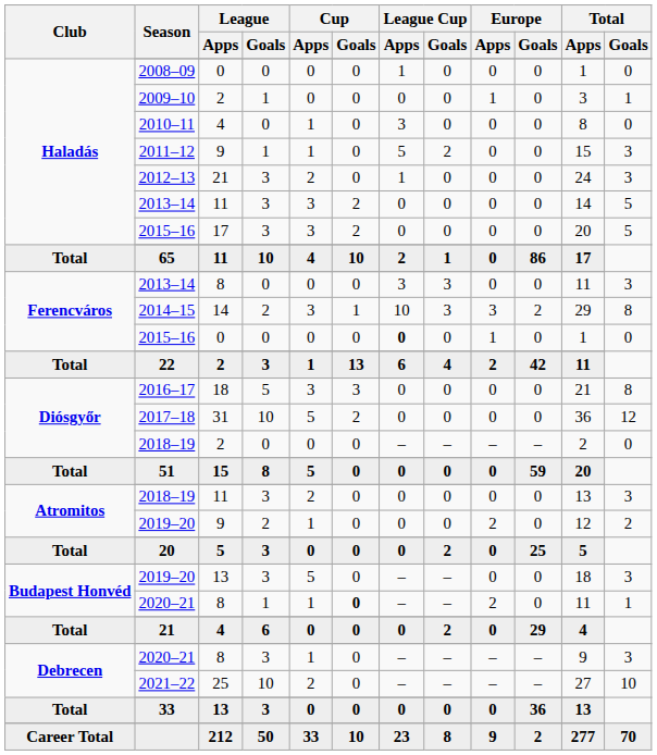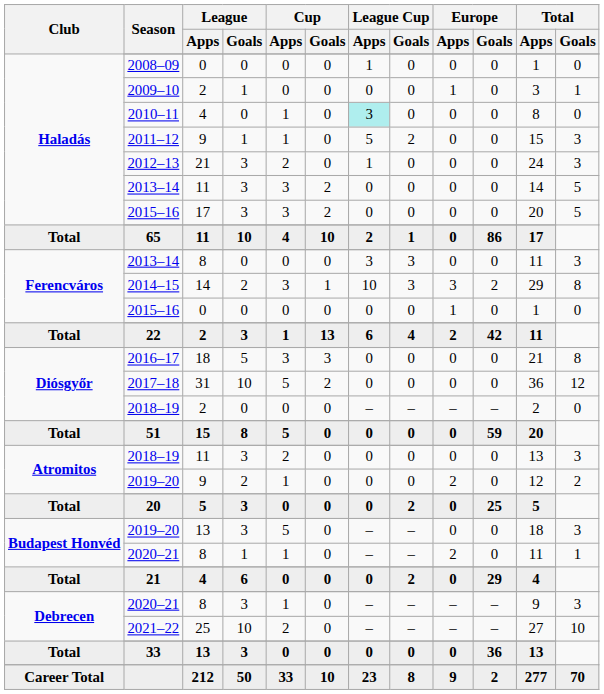 <table class="wikitable" style="font-size:90%; text-align: center;">
 <tr>
 <th rowspan="2">Club</th>
 <th rowspan="2">Season</th>
 <th colspan="2">League</th>
 <th colspan="2">Cup</th>
 <th colspan="2">League Cup</th>
 <th colspan="2">Europe</th>
 <th colspan="2">Total</th>
 </tr>
 <tr>
 <th>Apps</th>
 <th>Goals</th>
 <th>Apps</th>
 <th>Goals</th>
 <th>Apps</th>
 <th>Goals</th>
 <th>Apps</th>
 <th>Goals</th>
 <th>Apps</th>
 <th>Goals</th>
 </tr>
 <tr ||-||-||-|->
 <td rowspan="9" valign="center"><strong><a href='#'>Haladás</a></strong></td>
 </tr>
 <tr>
 <td><a href='#'>2008–09</a></td>
 <td>0</td>
 <td>0</td>
 <td>0</td>
 <td>0</td>
 <td>1</td>
 <td>0</td>
 <td>0</td>
 <td>0</td>
 <td>1</td>
 <td>0</td>
 </tr>
 <tr>
 <td><a href='#'>2009–10</a></td>
 <td>2</td>
 <td>1</td>
 <td>0</td>
 <td>0</td>
 <td>0</td>
 <td>0</td>
 <td>1</td>
 <td>0</td>
 <td>3</td>
 <td>1</td>
 </tr>
 <tr>
 <td><a href='#'>2010–11</a></td>
 <td>4</td>
 <td>0</td>
 <td>1</td>
 <td>0</td>
-<td>3</td>
+<td style="background: paleturquoise;">3</td>
 <td>0</td>
 <td>0</td>
 <td>0</td>
 <td>8</td>
 <td>0</td>
 </tr>
 <tr>
 <td><a href='#'>2011–12</a></td>
 <td>9</td>
 <td>1</td>
 <td>1</td>
 <td>0</td>
 <td>5</td>
 <td>2</td>
 <td>0</td>
 <td>0</td>
 <td>15</td>
 <td>3</td>
 </tr>
 <tr>
 <td><a href='#'>2012–13</a></td>
 <td>21</td>
 <td>3</td>
 <td>2</td>
 <td>0</td>
 <td>1</td>
 <td>0</td>
 <td>0</td>
 <td>0</td>
 <td>24</td>
 <td>3</td>
 </tr>
 <tr>
 <td><a href='#'>2013–14</a></td>
 <td>11</td>
 <td>3</td>
 <td>3</td>
 <td>2</td>
 <td>0</td>
 <td>0</td>
 <td>0</td>
 <td>0</td>
 <td>14</td>
 <td>5</td>
 </tr>
 <tr>
 <td><a href='#'>2015–16</a></td>
 <td>17</td>
 <td>3</td>
 <td>3</td>
 <td>2</td>
 <td>0</td>
 <td>0</td>
 <td>0</td>
 <td>0</td>
 <td>20</td>
 <td>5</td>
 </tr>
 <tr>
 </tr>
 <tr style="font-weight:bold; background-color:#eeeeee;">
 <td>Total</td>
 <td>65</td>
 <td>11</td>
 <td>10</td>
 <td>4</td>
 <td>10</td>
 <td>2</td>
 <td>1</td>
 <td>0</td>
 <td>86</td>
 <td>17</td>
 </tr>
 <tr>
 <td rowspan="5" valign="center"><strong><a href='#'>Ferencváros</a></strong></td>
 </tr>
 <tr>
 <td><a href='#'>2013–14</a></td>
 <td>8</td>
 <td>0</td>
 <td>0</td>
 <td>0</td>
 <td>3</td>
 <td>3</td>
 <td>0</td>
 <td>0</td>
 <td>11</td>
 <td>3</td>
 </tr>
 <tr>
 <td><a href='#'>2014–15</a></td>
 <td>14</td>
 <td>2</td>
 <td>3</td>
 <td>1</td>
 <td>10</td>
 <td>3</td>
 <td>3</td>
 <td>2</td>
 <td>29</td>
 <td>8</td>
 </tr>
 <tr>
 <td><a href='#'>2015–16</a></td>
 <td>0</td>
 <td>0</td>
 <td>0</td>
 <td>0</td>
-<td><strong>0</strong></td>
+<td>0</td>
 <td>0</td>
 <td>1</td>
 <td>0</td>
 <td>1</td>
 <td>0</td>
 </tr>
 <tr>
 </tr>
 <tr style="font-weight:bold; background-color:#eeeeee;">
 <td>Total</td>
 <td>22</td>
 <td>2</td>
 <td>3</td>
 <td>1</td>
 <td>13</td>
 <td>6</td>
 <td>4</td>
 <td>2</td>
 <td>42</td>
 <td>11</td>
 </tr>
 <tr>
 <td rowspan="5" valign="center"><strong><a href='#'>Diósgyőr</a></strong></td>
 </tr>
 <tr>
 <td><a href='#'>2016–17</a></td>
 <td>18</td>
 <td>5</td>
 <td>3</td>
 <td>3</td>
 <td>0</td>
 <td>0</td>
 <td>0</td>
 <td>0</td>
 <td>21</td>
 <td>8</td>
 </tr>
 <tr>
 <td><a href='#'>2017–18</a></td>
 <td>31</td>
 <td>10</td>
 <td>5</td>
 <td>2</td>
 <td>0</td>
 <td>0</td>
 <td>0</td>
 <td>0</td>
 <td>36</td>
 <td>12</td>
 </tr>
 <tr>
 <td><a href='#'>2018–19</a></td>
 <td>2</td>
 <td>0</td>
 <td>0</td>
 <td>0</td>
 <td>–</td>
 <td>–</td>
 <td>–</td>
 <td>–</td>
 <td>2</td>
 <td>0</td>
 </tr>
 <tr>
 </tr>
 <tr style="font-weight:bold; background-color:#eeeeee;">
 <td>Total</td>
 <td>51</td>
 <td>15</td>
 <td>8</td>
 <td>5</td>
 <td>0</td>
 <td>0</td>
 <td>0</td>
 <td>0</td>
 <td>59</td>
 <td>20</td>
 </tr>
 <tr>
 <td rowspan="4" valign="center"><strong><a href='#'>Atromitos</a></strong></td>
 </tr>
 <tr>
 <td><a href='#'>2018–19</a></td>
 <td>11</td>
 <td>3</td>
 <td>2</td>
 <td>0</td>
 <td>0</td>
 <td>0</td>
 <td>0</td>
 <td>0</td>
 <td>13</td>
 <td>3</td>
 </tr>
 <tr>
 <td><a href='#'>2019–20</a></td>
 <td>9</td>
 <td>2</td>
 <td>1</td>
 <td>0</td>
 <td>0</td>
 <td>0</td>
 <td>2</td>
 <td>0</td>
 <td>12</td>
 <td>2</td>
 </tr>
 <tr>
 </tr>
 <tr style="font-weight:bold; background-color:#eeeeee;">
 <td>Total</td>
 <td>20</td>
 <td>5</td>
 <td>3</td>
 <td>0</td>
 <td>0</td>
 <td>0</td>
 <td>2</td>
 <td>0</td>
 <td>25</td>
 <td>5</td>
 </tr>
 <tr>
 <td rowspan="4" valign="center"><strong><a href='#'>Budapest Honvéd</a></strong></td>
 </tr>
 <tr>
 <td><a href='#'>2019–20</a></td>
 <td>13</td>
 <td>3</td>
 <td>5</td>
 <td>0</td>
 <td>–</td>
 <td>–</td>
 <td>0</td>
 <td>0</td>
 <td>18</td>
 <td>3</td>
 </tr>
 <tr>
 <td><a href='#'>2020–21</a></td>
 <td>8</td>
 <td>1</td>
 <td>1</td>
-<td><strong>0</strong></td>
+<td>0</td>
 <td>–</td>
 <td>–</td>
 <td>2</td>
 <td>0</td>
 <td>11</td>
 <td>1</td>
 </tr>
 <tr>
 </tr>
 <tr style="font-weight:bold; background-color:#eeeeee;">
 <td>Total</td>
 <td>21</td>
 <td>4</td>
 <td>6</td>
 <td>0</td>
 <td>0</td>
 <td>0</td>
 <td>2</td>
 <td>0</td>
 <td>29</td>
 <td>4</td>
 </tr>
 <tr>
 <td rowspan="4" valign="center"><strong><a href='#'>Debrecen</a></strong></td>
 </tr>
 <tr>
 <td><a href='#'>2020–21</a></td>
 <td>8</td>
 <td>3</td>
 <td>1</td>
 <td>0</td>
 <td>–</td>
 <td>–</td>
 <td>–</td>
 <td>–</td>
 <td>9</td>
 <td>3</td>
 </tr>
 <tr>
 <td><a href='#'>2021–22</a></td>
 <td>25</td>
 <td>10</td>
 <td>2</td>
 <td>0</td>
 <td>–</td>
 <td>–</td>
 <td>–</td>
 <td>–</td>
 <td>27</td>
 <td>10</td>
 </tr>
 <tr>
 </tr>
 <tr style="font-weight:bold; background-color:#eeeeee;">
 <td>Total</td>
 <td>33</td>
 <td>13</td>
 <td>3</td>
 <td>0</td>
 <td>0</td>
 <td>0</td>
 <td>0</td>
 <td>0</td>
 <td>36</td>
 <td>13</td>
 </tr>
 <tr>
 </tr>
 <tr style="font-weight:bold; background-color:#eeeeee;">
 <td rowspan="2" valign="top"><strong>Career Total</strong></td>
 <td></td>
 <td><strong>212</strong></td>
 <td><strong>50</strong></td>
 <td><strong>33</strong></td>
 <td><strong>10</strong></td>
 <td><strong>23</strong></td>
 <td><strong>8</strong></td>
 <td><strong>9</strong></td>
 <td><strong>2</strong></td>
 <td><strong>277</strong></td>
 <td><strong>70</strong></td>
 </tr>
 </table>
